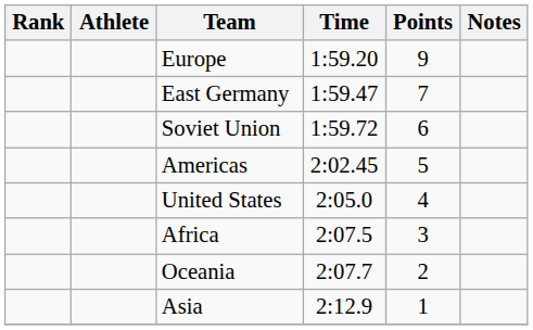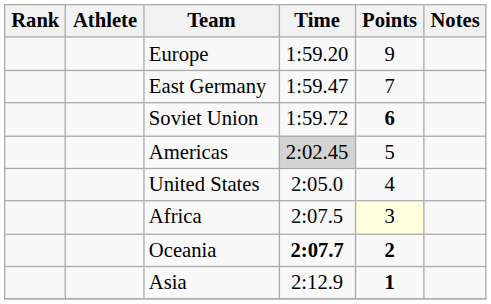 <table class="wikitable sortable" style="text-align:center" width="60%">
 <tr>
 <th>Rank</th>
 <th>Athlete</th>
 <th>Team</th>
 <th>Time</th>
 <th>Points</th>
 <th>Notes</th>
 </tr>
 <tr>
 <td></td>
 <td align="left"></td>
 <td align=left>Europe</td>
 <td>1:59.20</td>
 <td>9</td>
 <td></td>
 </tr>
 <tr>
 <td></td>
 <td align="left"></td>
 <td align=left>East Germany</td>
 <td>1:59.47</td>
 <td>7</td>
 <td></td>
 </tr>
 <tr>
 <td></td>
 <td align="left"></td>
 <td align=left>Soviet Union</td>
 <td>1:59.72</td>
-<td>6</td>
+<td><strong>6</strong></td>
 <td></td>
 </tr>
 <tr>
 <td></td>
 <td align="left"></td>
 <td align=left>Americas</td>
-<td>2:02.45</td>
+<td style="background: lightgrey;">2:02.45</td>
 <td>5</td>
 <td></td>
 </tr>
 <tr>
 <td></td>
 <td align="left"></td>
 <td align=left>United States</td>
 <td>2:05.0</td>
 <td>4</td>
 <td></td>
 </tr>
 <tr>
 <td></td>
 <td align="left"></td>
 <td align=left>Africa</td>
 <td>2:07.5</td>
-<td>3</td>
+<td style="background: lightyellow;">3</td>
 <td></td>
 </tr>
 <tr>
 <td></td>
 <td align="left"></td>
 <td align=left>Oceania</td>
-<td>2:07.7</td>
-<td>2</td>
+<td><strong>2:07.7</strong></td>
+<td><strong>2</strong></td>
 <td></td>
 </tr>
 <tr>
 <td></td>
 <td align="left"></td>
 <td align=left>Asia</td>
 <td>2:12.9</td>
-<td>1</td>
+<td><strong>1</strong></td>
 <td></td>
 </tr>
 <tr>
 </tr>
 </table>
